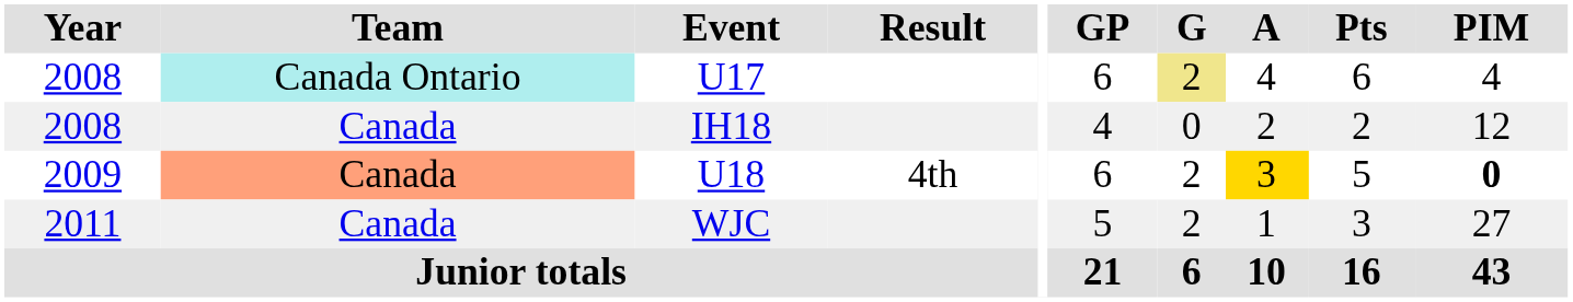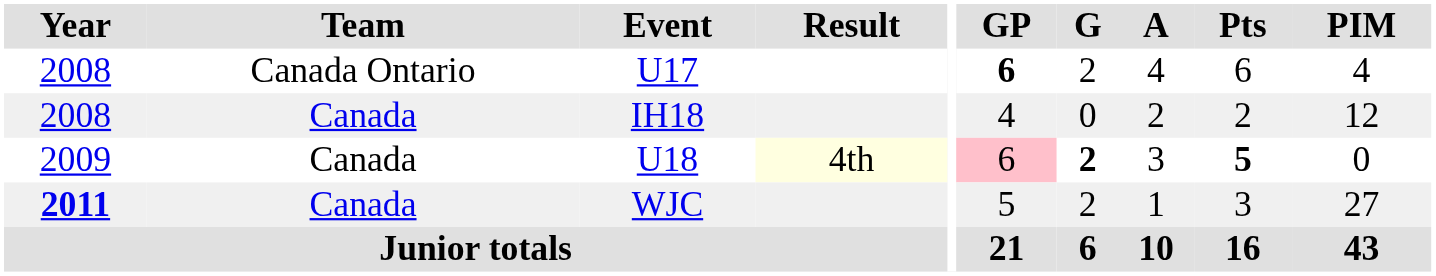 <table border="0" cellpadding="1" cellspacing="0" ID="Table3" style="text-align:center; width:40em;">
 <tr bgcolor="#e0e0e0">
 <th>Year</th>
 <th>Team</th>
 <th>Event</th>
 <th>Result</th>
 <th rowspan="99" bgcolor="#ffffff"></th>
 <th>GP</th>
 <th>G</th>
 <th>A</th>
 <th>Pts</th>
 <th>PIM</th>
 </tr>
 <tr>
 <td><a href='#'>2008</a></td>
-<td style="background: paleturquoise;">Canada Ontario</td>
+<td>Canada Ontario</td>
 <td><a href='#'>U17</a></td>
 <td></td>
-<td>6</td>
-<td style="background: khaki;">2</td>
+<td><strong>6</strong></td>
+<td>2</td>
 <td>4</td>
 <td>6</td>
 <td>4</td>
 </tr>
 <tr bgcolor="#f0f0f0">
 <td><a href='#'>2008</a></td>
 <td><a href='#'>Canada</a></td>
 <td><a href='#'>IH18</a></td>
 <td></td>
 <td>4</td>
 <td>0</td>
 <td>2</td>
 <td>2</td>
 <td>12</td>
 </tr>
 <tr>
 <td><a href='#'>2009</a></td>
-<td style="background: lightsalmon;">Canada</td>
+<td>Canada</td>
 <td><a href='#'>U18</a></td>
-<td>4th</td>
-<td>6</td>
-<td>2</td>
-<td style="background: gold;">3</td>
-<td>5</td>
-<td><strong>0</strong></td>
+<td style="background: lightyellow;">4th</td>
+<td style="background: pink;">6</td>
+<td><strong>2</strong></td>
+<td>3</td>
+<td><strong>5</strong></td>
+<td>0</td>
 </tr>
 <tr bgcolor="#f0f0f0">
-<td><a href='#'>2011</a></td>
+<td><strong><a href='#'>2011</a></strong></td>
 <td><a href='#'>Canada</a></td>
 <td><a href='#'>WJC</a></td>
 <td></td>
 <td>5</td>
 <td>2</td>
 <td>1</td>
 <td>3</td>
 <td>27</td>
 </tr>
 <tr bgcolor="#e0e0e0">
 <th colspan="4">Junior totals</th>
 <th>21</th>
 <th>6</th>
 <th>10</th>
 <th>16</th>
 <th>43</th>
 </tr>
 </table>
